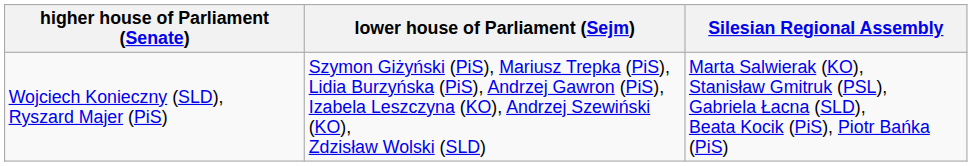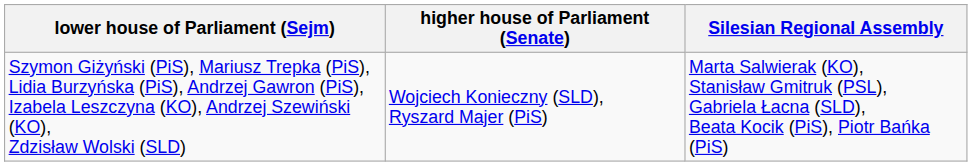 <table class="wikitable">
 <tr>
+<th>lower house of Parliament (<a href='#'>Sejm</a>)</th>
 <th>higher house of Parliament (<a href='#'>Senate</a>)</th>
-<th>lower house of Parliament (<a href='#'>Sejm</a>)</th>
 <th><a href='#'>Silesian Regional Assembly</a></th>
 </tr>
 <tr>
+<td><a href='#'>Szymon Giżyński</a> (<a href='#'>PiS</a>), <a href='#'>Mariusz Trepka</a> (<a href='#'>PiS</a>),<br><a href='#'>Lidia Burzyńska</a> (<a href='#'>PiS</a>), <a href='#'>Andrzej Gawron</a> (<a href='#'>PiS</a>),<br><a href='#'>Izabela Leszczyna</a> (<a href='#'>KO</a>), <a href='#'>Andrzej Szewiński</a> (<a href='#'>KO</a>),<br><a href='#'>Zdzisław Wolski</a> (<a href='#'>SLD</a>)</td>
 <td><a href='#'>Wojciech Konieczny</a> (<a href='#'>SLD</a>),<br><a href='#'>Ryszard Majer</a> (<a href='#'>PiS</a>)</td>
-<td><a href='#'>Szymon Giżyński</a> (<a href='#'>PiS</a>), <a href='#'>Mariusz Trepka</a> (<a href='#'>PiS</a>),<br><a href='#'>Lidia Burzyńska</a> (<a href='#'>PiS</a>), <a href='#'>Andrzej Gawron</a> (<a href='#'>PiS</a>),<br><a href='#'>Izabela Leszczyna</a> (<a href='#'>KO</a>), <a href='#'>Andrzej Szewiński</a> (<a href='#'>KO</a>),<br><a href='#'>Zdzisław Wolski</a> (<a href='#'>SLD</a>)</td>
 <td><a href='#'>Marta Salwierak</a> (<a href='#'>KO</a>),<br><a href='#'>Stanisław Gmitruk</a> (<a href='#'>PSL</a>),<br><a href='#'>Gabriela Łacna</a> (<a href='#'>SLD</a>),<br><a href='#'>Beata Kocik</a> (<a href='#'>PiS</a>), <a href='#'>Piotr Bańka</a> (<a href='#'>PiS</a>)</td>
 </tr>
 </table>
